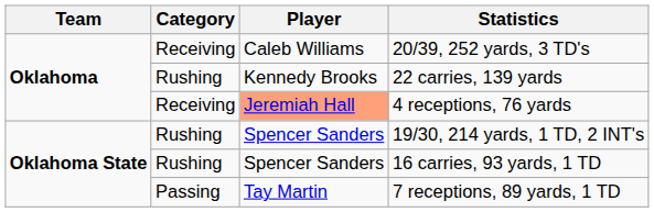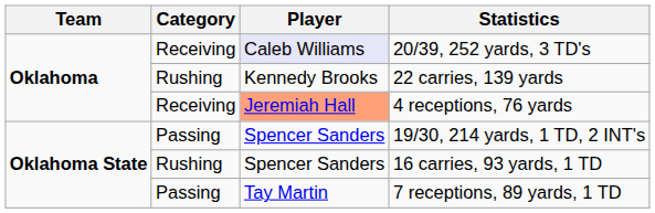 <table class="wikitable" style="float: right;">
 <tr>
 <th>Team</th>
 <th>Category</th>
 <th>Player</th>
 <th>Statistics</th>
 </tr>
 <tr>
 <td rowspan=3><strong>Oklahoma</strong></td>
 <td>Receiving</td>
-<td>Caleb Williams</td>
+<td style="background: lavender;">Caleb Williams</td>
 <td>20/39, 252 yards, 3 TD's</td>
 </tr>
 <tr>
 <td>Rushing</td>
 <td>Kennedy Brooks</td>
 <td>22 carries, 139 yards</td>
 </tr>
 <tr>
 <td>Receiving</td>
 <td style="background: lightsalmon;"><a href='#'>Jeremiah Hall</a></td>
 <td>4 receptions, 76 yards</td>
 </tr>
 <tr>
 <td rowspan=3><strong>Oklahoma State</strong></td>
-<td>Rushing</td>
+<td>Passing</td>
 <td><a href='#'>Spencer Sanders</a></td>
 <td>19/30, 214 yards, 1 TD, 2 INT's</td>
 </tr>
 <tr>
 <td>Rushing</td>
 <td>Spencer Sanders</td>
 <td>16 carries, 93 yards, 1 TD</td>
 </tr>
 <tr>
 <td>Passing</td>
 <td><a href='#'>Tay Martin</a></td>
 <td>7 receptions, 89 yards, 1 TD</td>
 </tr>
 </table>
